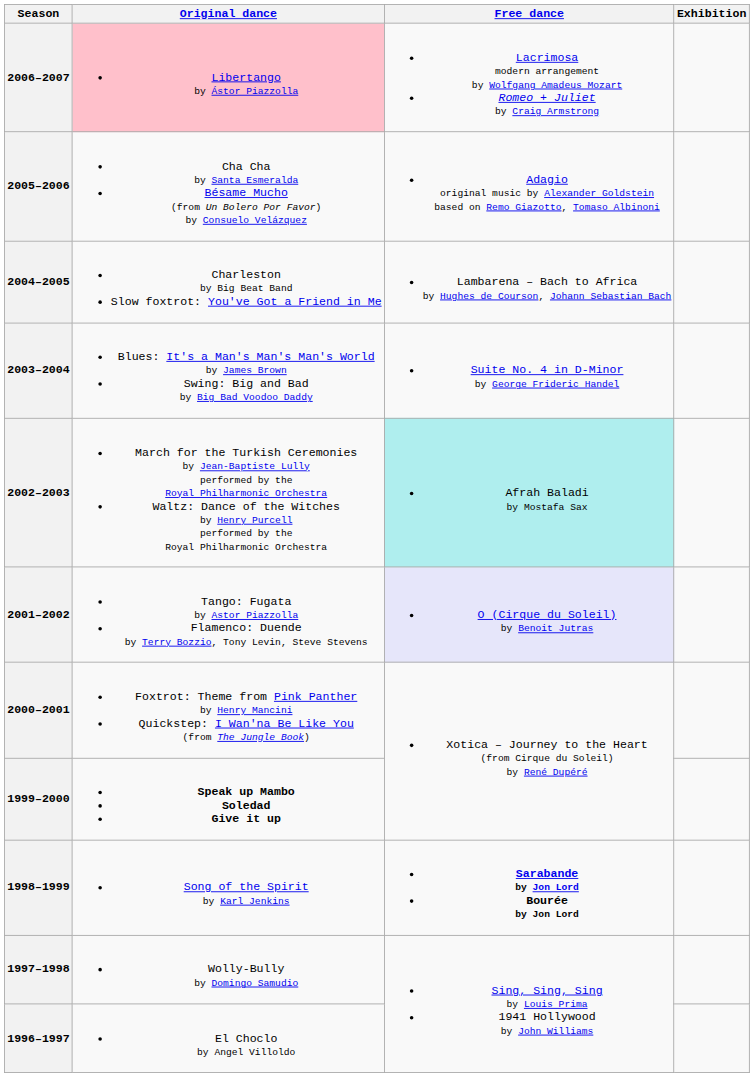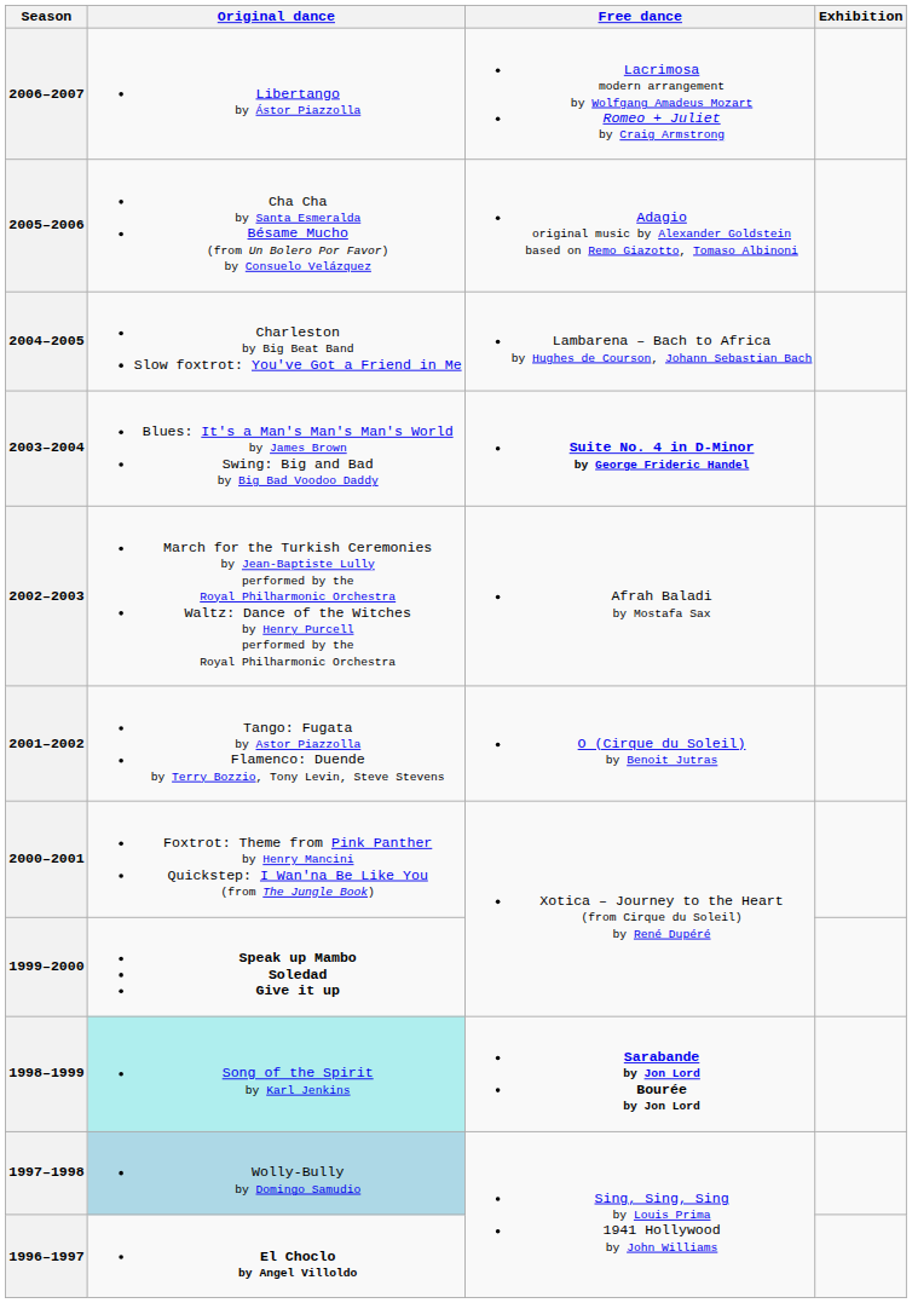 <table class="wikitable" style="text-align:center">
 <tr>
 <th>Season</th>
 <th><a href='#'>Original dance</a></th>
 <th><a href='#'>Free dance</a></th>
 <th>Exhibition</th>
 </tr>
 <tr>
 <th>2006–2007 <br> </th>
-<td style="background: pink;"><br><ul><li><a href='#'>Libertango</a> <br><small> by <a href='#'>Ástor Piazzolla</a> </small></li></ul></td>
+<td><br><ul><li><a href='#'>Libertango</a> <br><small> by <a href='#'>Ástor Piazzolla</a> </small></li></ul></td>
 <td><br><ul><li><a href='#'>Lacrimosa</a> <br><small> modern arrangement <br> by <a href='#'>Wolfgang Amadeus Mozart</a> </small></li><li><em><a href='#'>Romeo + Juliet</a></em> <br><small> by <a href='#'>Craig Armstrong</a></small></li></ul></td>
 <td></td>
 </tr>
 <tr>
 <th>2005–2006 <br> </th>
 <td><br><ul><li>Cha Cha <br><small> by <a href='#'>Santa Esmeralda</a> </small></li><li><a href='#'>Bésame Mucho</a> <br><small> (from <em>Un Bolero Por Favor</em>) <br> by <a href='#'>Consuelo Velázquez</a> </small></li></ul></td>
 <td><br><ul><li><a href='#'>Adagio</a> <br> <small> original music by <a href='#'>Alexander Goldstein</a>  <br> based on <a href='#'>Remo Giazotto</a>, <a href='#'>Tomaso Albinoni</a> </small></li></ul></td>
 <td></td>
 </tr>
 <tr>
 <th>2004–2005 <br> </th>
 <td><br><ul><li>Charleston <br><small> by Big Beat Band </small></li><li>Slow foxtrot: <a href='#'>You've Got a Friend in Me</a></li></ul></td>
 <td><br><ul><li>Lambarena – Bach to Africa <br><small> by <a href='#'>Hughes de Courson</a>, <a href='#'>Johann Sebastian Bach</a> </small></li></ul></td>
 <td></td>
 </tr>
 <tr>
 <th>2003–2004 <br> </th>
 <td><br><ul><li>Blues: <a href='#'>It's a Man's Man's Man's World</a> <br><small> by <a href='#'>James Brown</a> </small></li><li>Swing: Big and Bad <br><small> by <a href='#'>Big Bad Voodoo Daddy</a> </small></li></ul></td>
-<td><br><ul><li><a href='#'>Suite No. 4 in D-Minor</a> <br><small> by <a href='#'>George Frideric Handel</a> </small></li></ul></td>
+<td><strong><br><ul><li><a href='#'>Suite No. 4 in D-Minor</a> <br><small> by <a href='#'>George Frideric Handel</a> </small></li></ul></strong></td>
 <td></td>
 </tr>
 <tr>
 <th>2002–2003 <br> </th>
 <td><br><ul><li>March for the Turkish Ceremonies <br><small> by <a href='#'>Jean-Baptiste Lully</a> <br> performed by the <br> <a href='#'>Royal Philharmonic Orchestra</a> </small></li><li>Waltz: Dance of the Witches <br><small> by <a href='#'>Henry Purcell</a> <br> performed by the <br> Royal Philharmonic Orchestra </small></li></ul></td>
-<td style="background: paleturquoise;"><br><ul><li>Afrah Baladi<br><small> by Mostafa Sax </small></li></ul></td>
+<td><br><ul><li>Afrah Baladi<br><small> by Mostafa Sax </small></li></ul></td>
 <td></td>
 </tr>
 <tr>
 <th>2001–2002 <br> </th>
 <td><br><ul><li>Tango: Fugata <br><small> by <a href='#'>Astor Piazzolla</a> </small></li><li>Flamenco: Duende <br><small> by <a href='#'>Terry Bozzio</a>, Tony Levin, Steve Stevens </small></li></ul></td>
-<td style="background: lavender;"><br><ul><li><a href='#'>O (Cirque du Soleil)</a> <br><small> by <a href='#'>Benoit Jutras</a> </small></li></ul></td>
+<td><br><ul><li><a href='#'>O (Cirque du Soleil)</a> <br><small> by <a href='#'>Benoit Jutras</a> </small></li></ul></td>
 <td></td>
 </tr>
 <tr>
 <th>2000–2001 <br> </th>
 <td><br><ul><li>Foxtrot: Theme from <a href='#'>Pink Panther</a> <br><small> by <a href='#'>Henry Mancini</a> </small></li><li>Quickstep: <a href='#'>I Wan'na Be Like You</a> <br><small> (from <em><a href='#'>The Jungle Book</a></em>) </small></li></ul></td>
 <td rowspan=2><br><ul><li>Xotica – Journey to the Heart <br><small> (from Cirque du Soleil) <br> by <a href='#'>René Dupéré</a> </small></li></ul></td>
 <td></td>
 </tr>
 <tr>
 <th>1999–2000</th>
 <td><strong><br><ul><li>Speak up Mambo</li><li>Soledad</li><li>Give it up</li></ul></strong></td>
 <td></td>
 </tr>
 <tr>
 <th>1998–1999</th>
-<td><br><ul><li><a href='#'>Song of the Spirit</a> <br><small> by <a href='#'>Karl Jenkins</a> </small></li></ul></td>
+<td style="background: paleturquoise;"><br><ul><li><a href='#'>Song of the Spirit</a> <br><small> by <a href='#'>Karl Jenkins</a> </small></li></ul></td>
 <td><strong><br><ul><li><a href='#'>Sarabande</a> <br><small> by <a href='#'>Jon Lord</a> </small></li><li>Bourée <br><small> by Jon Lord </small></li></ul></strong></td>
 <td></td>
 </tr>
 <tr>
 <th>1997–1998</th>
-<td><br><ul><li>Wolly-Bully <br><small> by <a href='#'>Domingo Samudio</a> </small></li></ul></td>
+<td style="background: lightblue;"><br><ul><li>Wolly-Bully <br><small> by <a href='#'>Domingo Samudio</a> </small></li></ul></td>
 <td rowspan=2><br><ul><li><a href='#'>Sing, Sing, Sing</a> <br><small> by <a href='#'>Louis Prima</a> </small></li><li>1941 Hollywood <br><small> by <a href='#'>John Williams</a> </small></li></ul></td>
 <td></td>
 </tr>
 <tr>
 <th>1996–1997</th>
-<td><br><ul><li>El Choclo <br><small> by Angel Villoldo </small></li></ul></td>
+<td><strong><br><ul><li>El Choclo <br><small> by Angel Villoldo </small></li></ul></strong></td>
 <td></td>
 </tr>
 </table>
